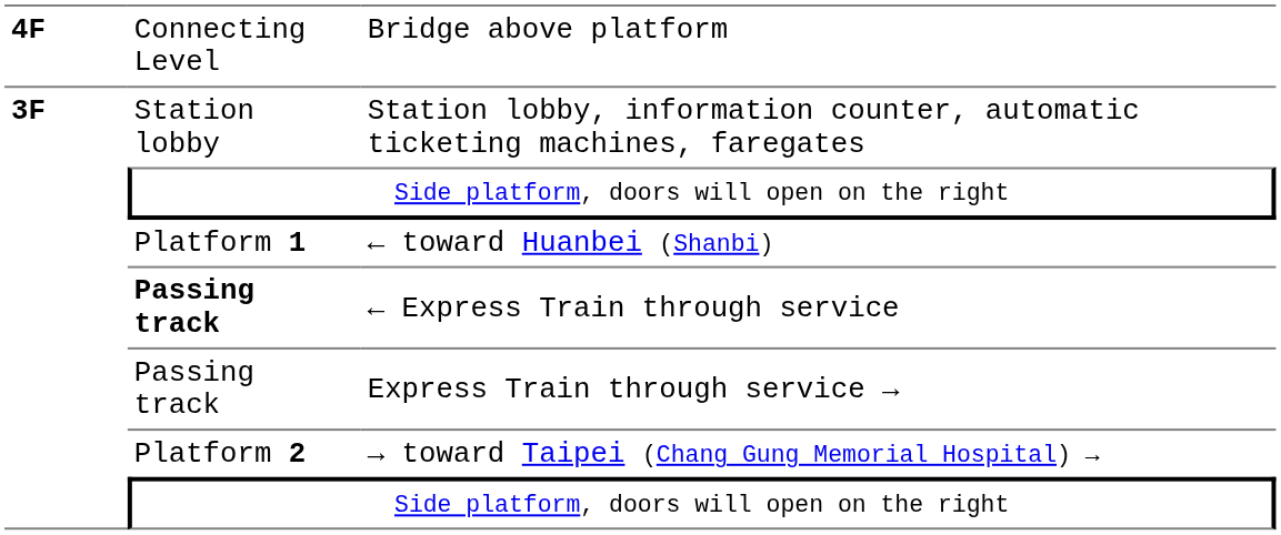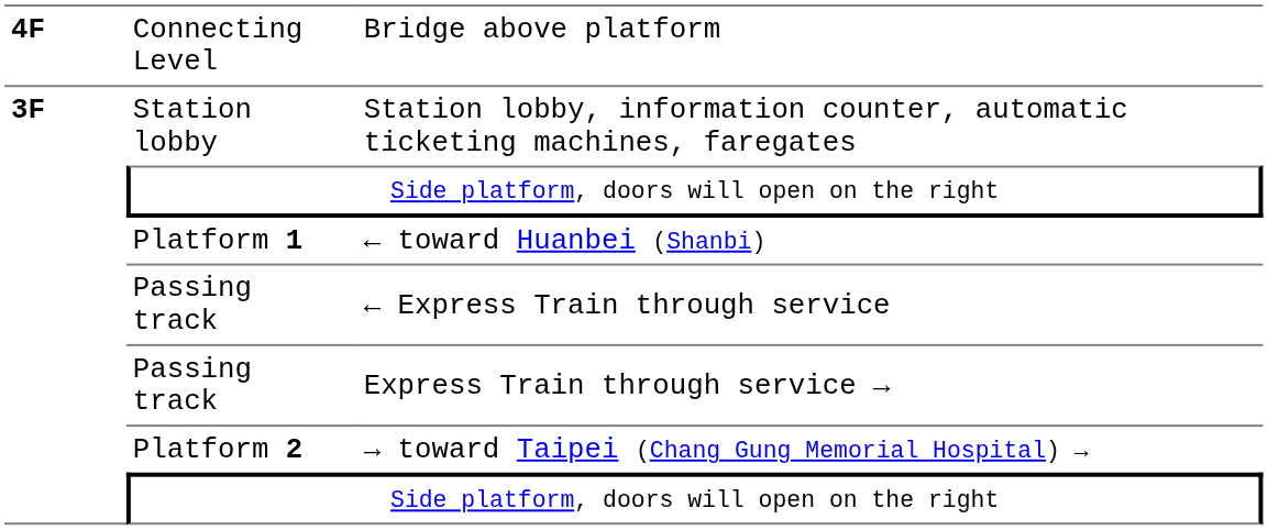 <table table border=0 cellspacing=0 cellpadding=3>
 <tr>
 <td style="border-top:solid 1px gray;border-bottom:solid 1px gray;" width=50 valign=top><strong>4F</strong></td>
 <td style="border-top:solid 1px gray;border-bottom:solid 1px gray;" width=100 valign=top>Connecting Level</td>
 <td style="border-top:solid 1px gray;border-bottom:solid 1px gray;" width=390 valign=top>Bridge above platform</td>
 </tr>
 <tr>
 <td style="border-bottom:solid 1px gray;border-top:solid 0px gray;" rowspan=38 valign=top><strong>3F</strong></td>
 <td rowspan=1 valign=top>Station lobby</td>
 <td>Station lobby, information counter, automatic ticketing machines, faregates</td>
 </tr>
 <tr>
 <td style="border-right:solid 2px black;border-left:solid 2px black;border-bottom:solid 2px black;border-top:solid 1px gray;text-align:center;" colspan=2><small><a href='#'>Side platform</a>, doors will open on the right</small></td>
 </tr>
 <tr>
 <td style="border-bottom:solid 1px gray;" width=100>Platform <span><strong>1</strong></span></td>
 <td style="border-bottom:solid 1px gray;" width=410>←  toward <a href='#'>Huanbei</a> <small>(<a href='#'>Shanbi</a>)</small></td>
 </tr>
 <tr>
-<td style="border-bottom:solid 1px gray;"><strong>Passing track</strong></td>
+<td style="border-bottom:solid 1px gray;">Passing track</td>
 <td style="border-bottom:solid 1px gray;">← Express Train through service</td>
 </tr>
 <tr>
 <td style="border-bottom:solid 1px gray;">Passing track</td>
 <td style="border-bottom:solid 1px gray;">Express Train through service →</td>
 </tr>
 <tr>
 <td>Platform <span><strong>2</strong></span></td>
 <td><span>→</span>  toward <a href='#'>Taipei</a> <small>(<a href='#'>Chang Gung Memorial Hospital</a>) →</small></td>
 </tr>
 <tr>
 <td style="border-top:solid 2px black;border-right:solid 2px black;border-left:solid 2px black;border-bottom:solid 1px gray;text-align:center;" colspan=2><small><a href='#'>Side platform</a>, doors will open on the right</small></td>
 </tr>
 </table>
